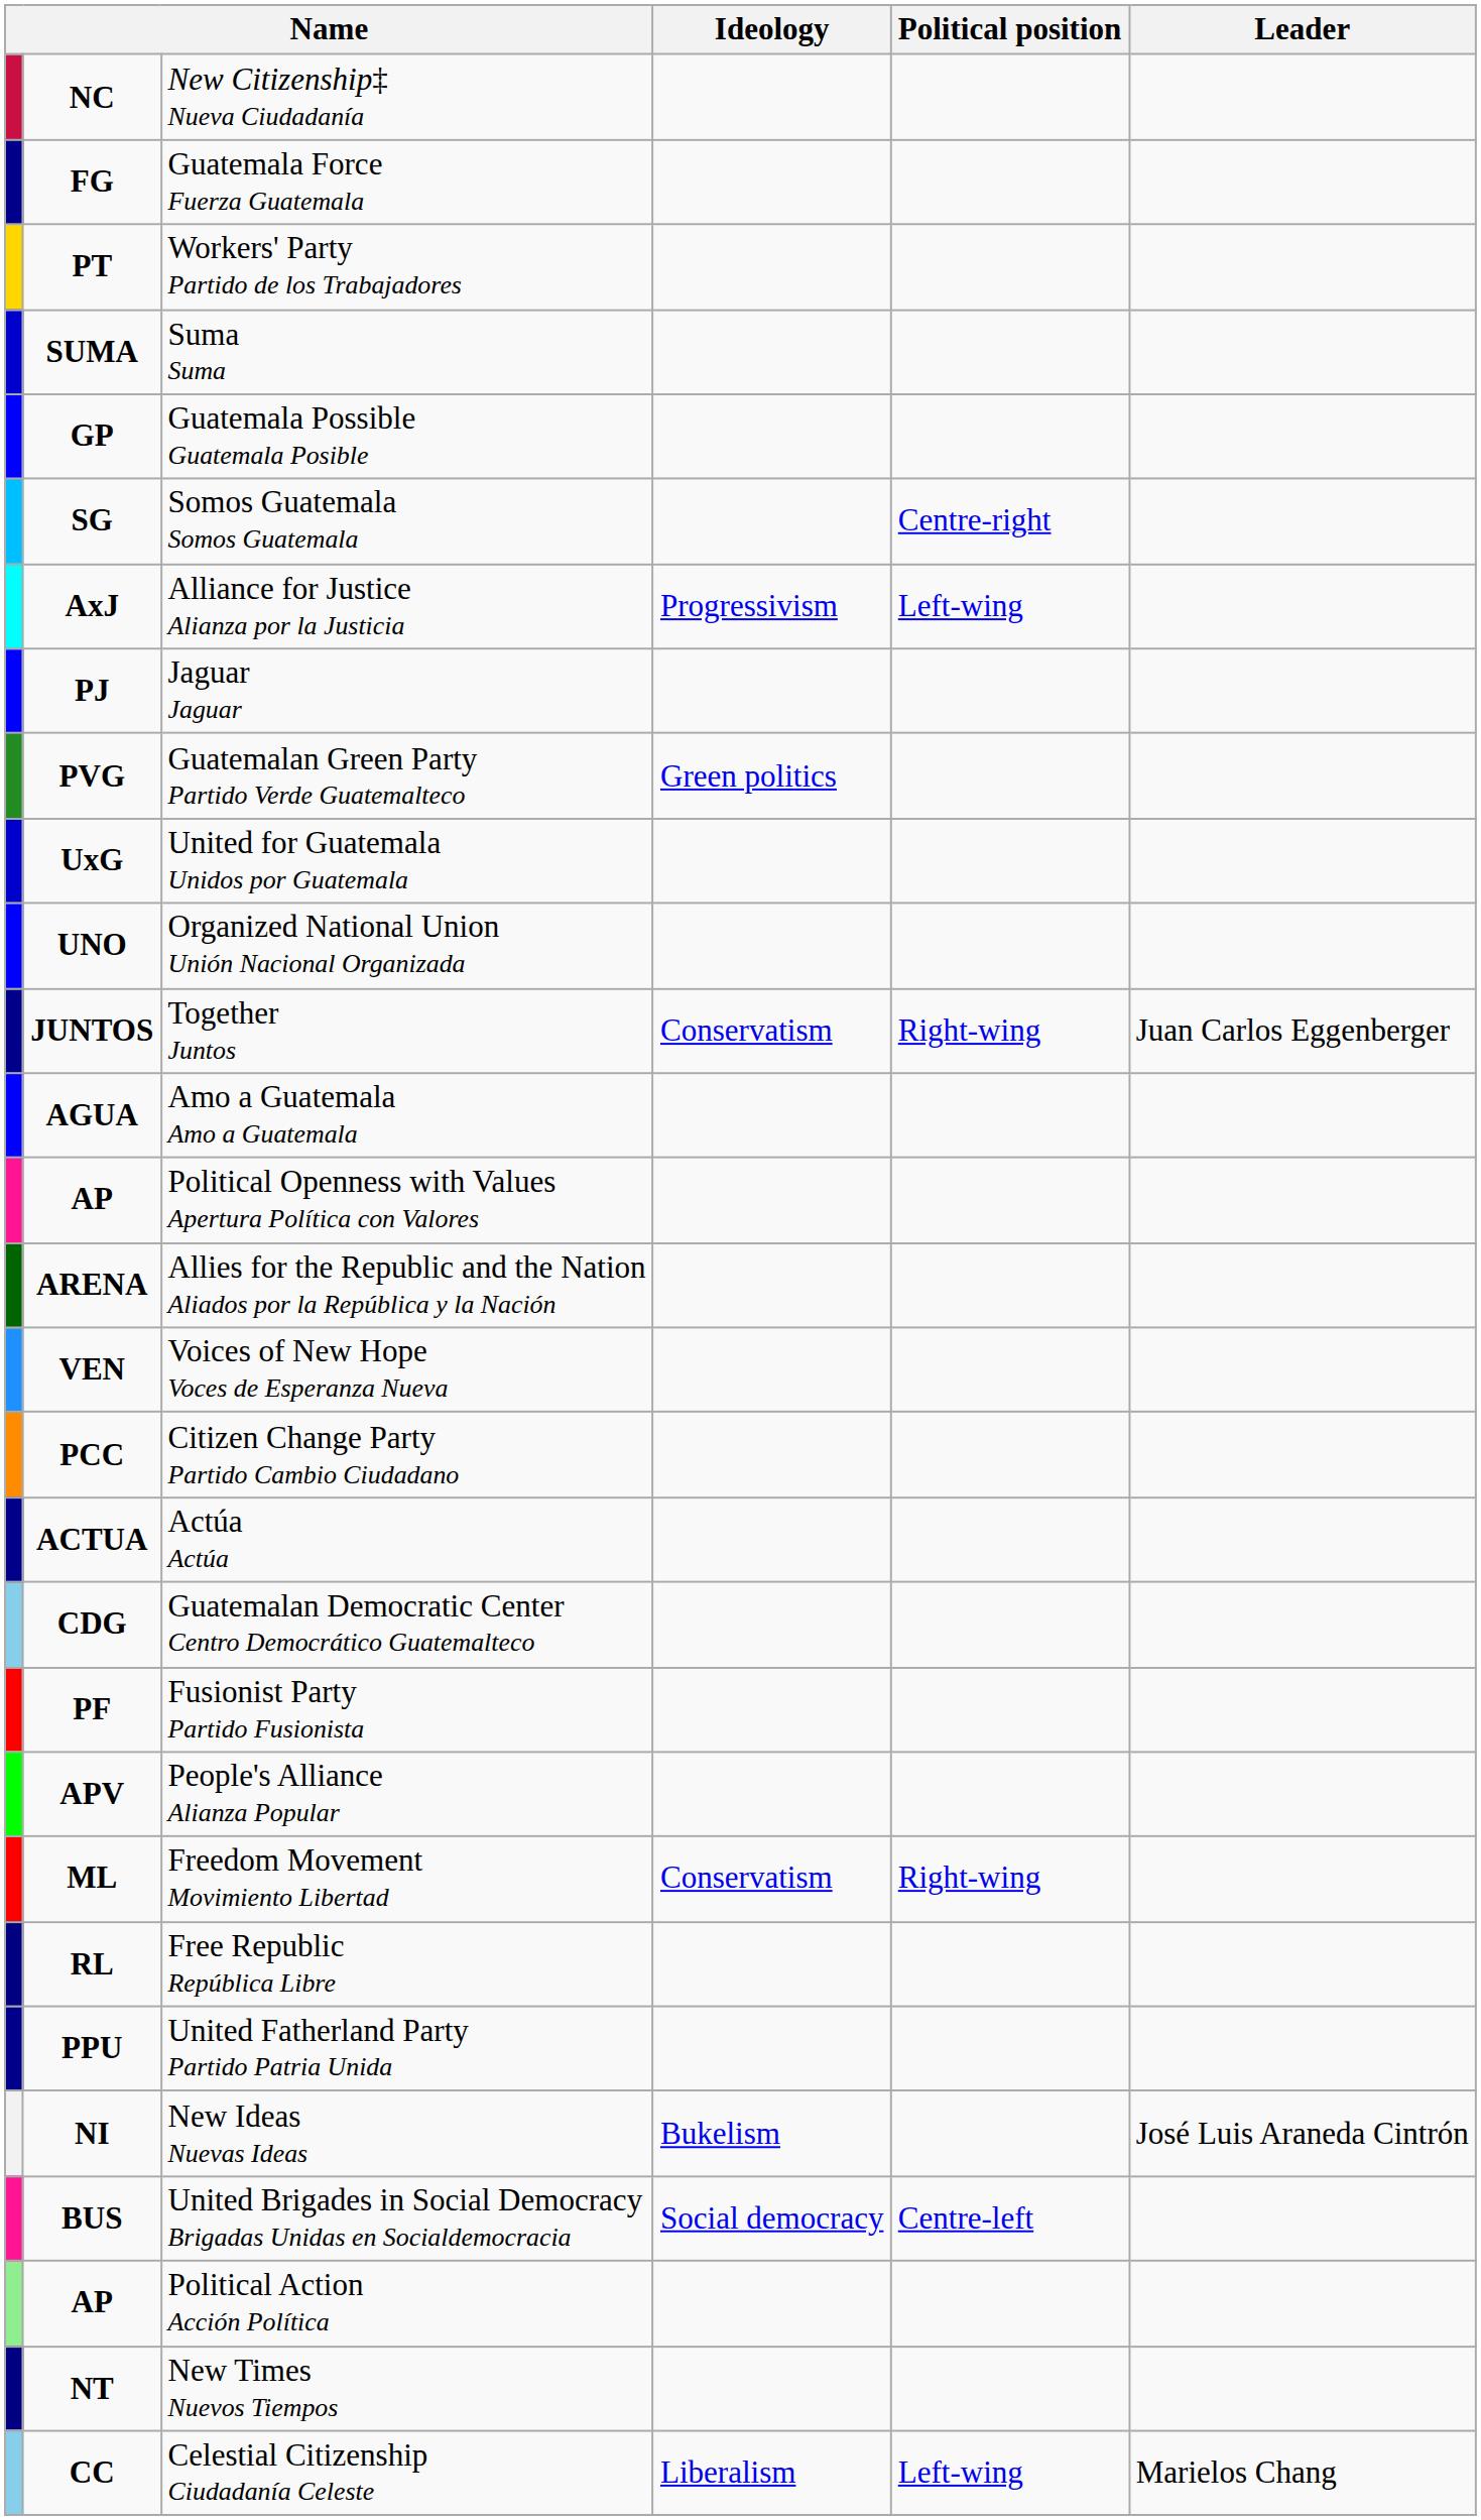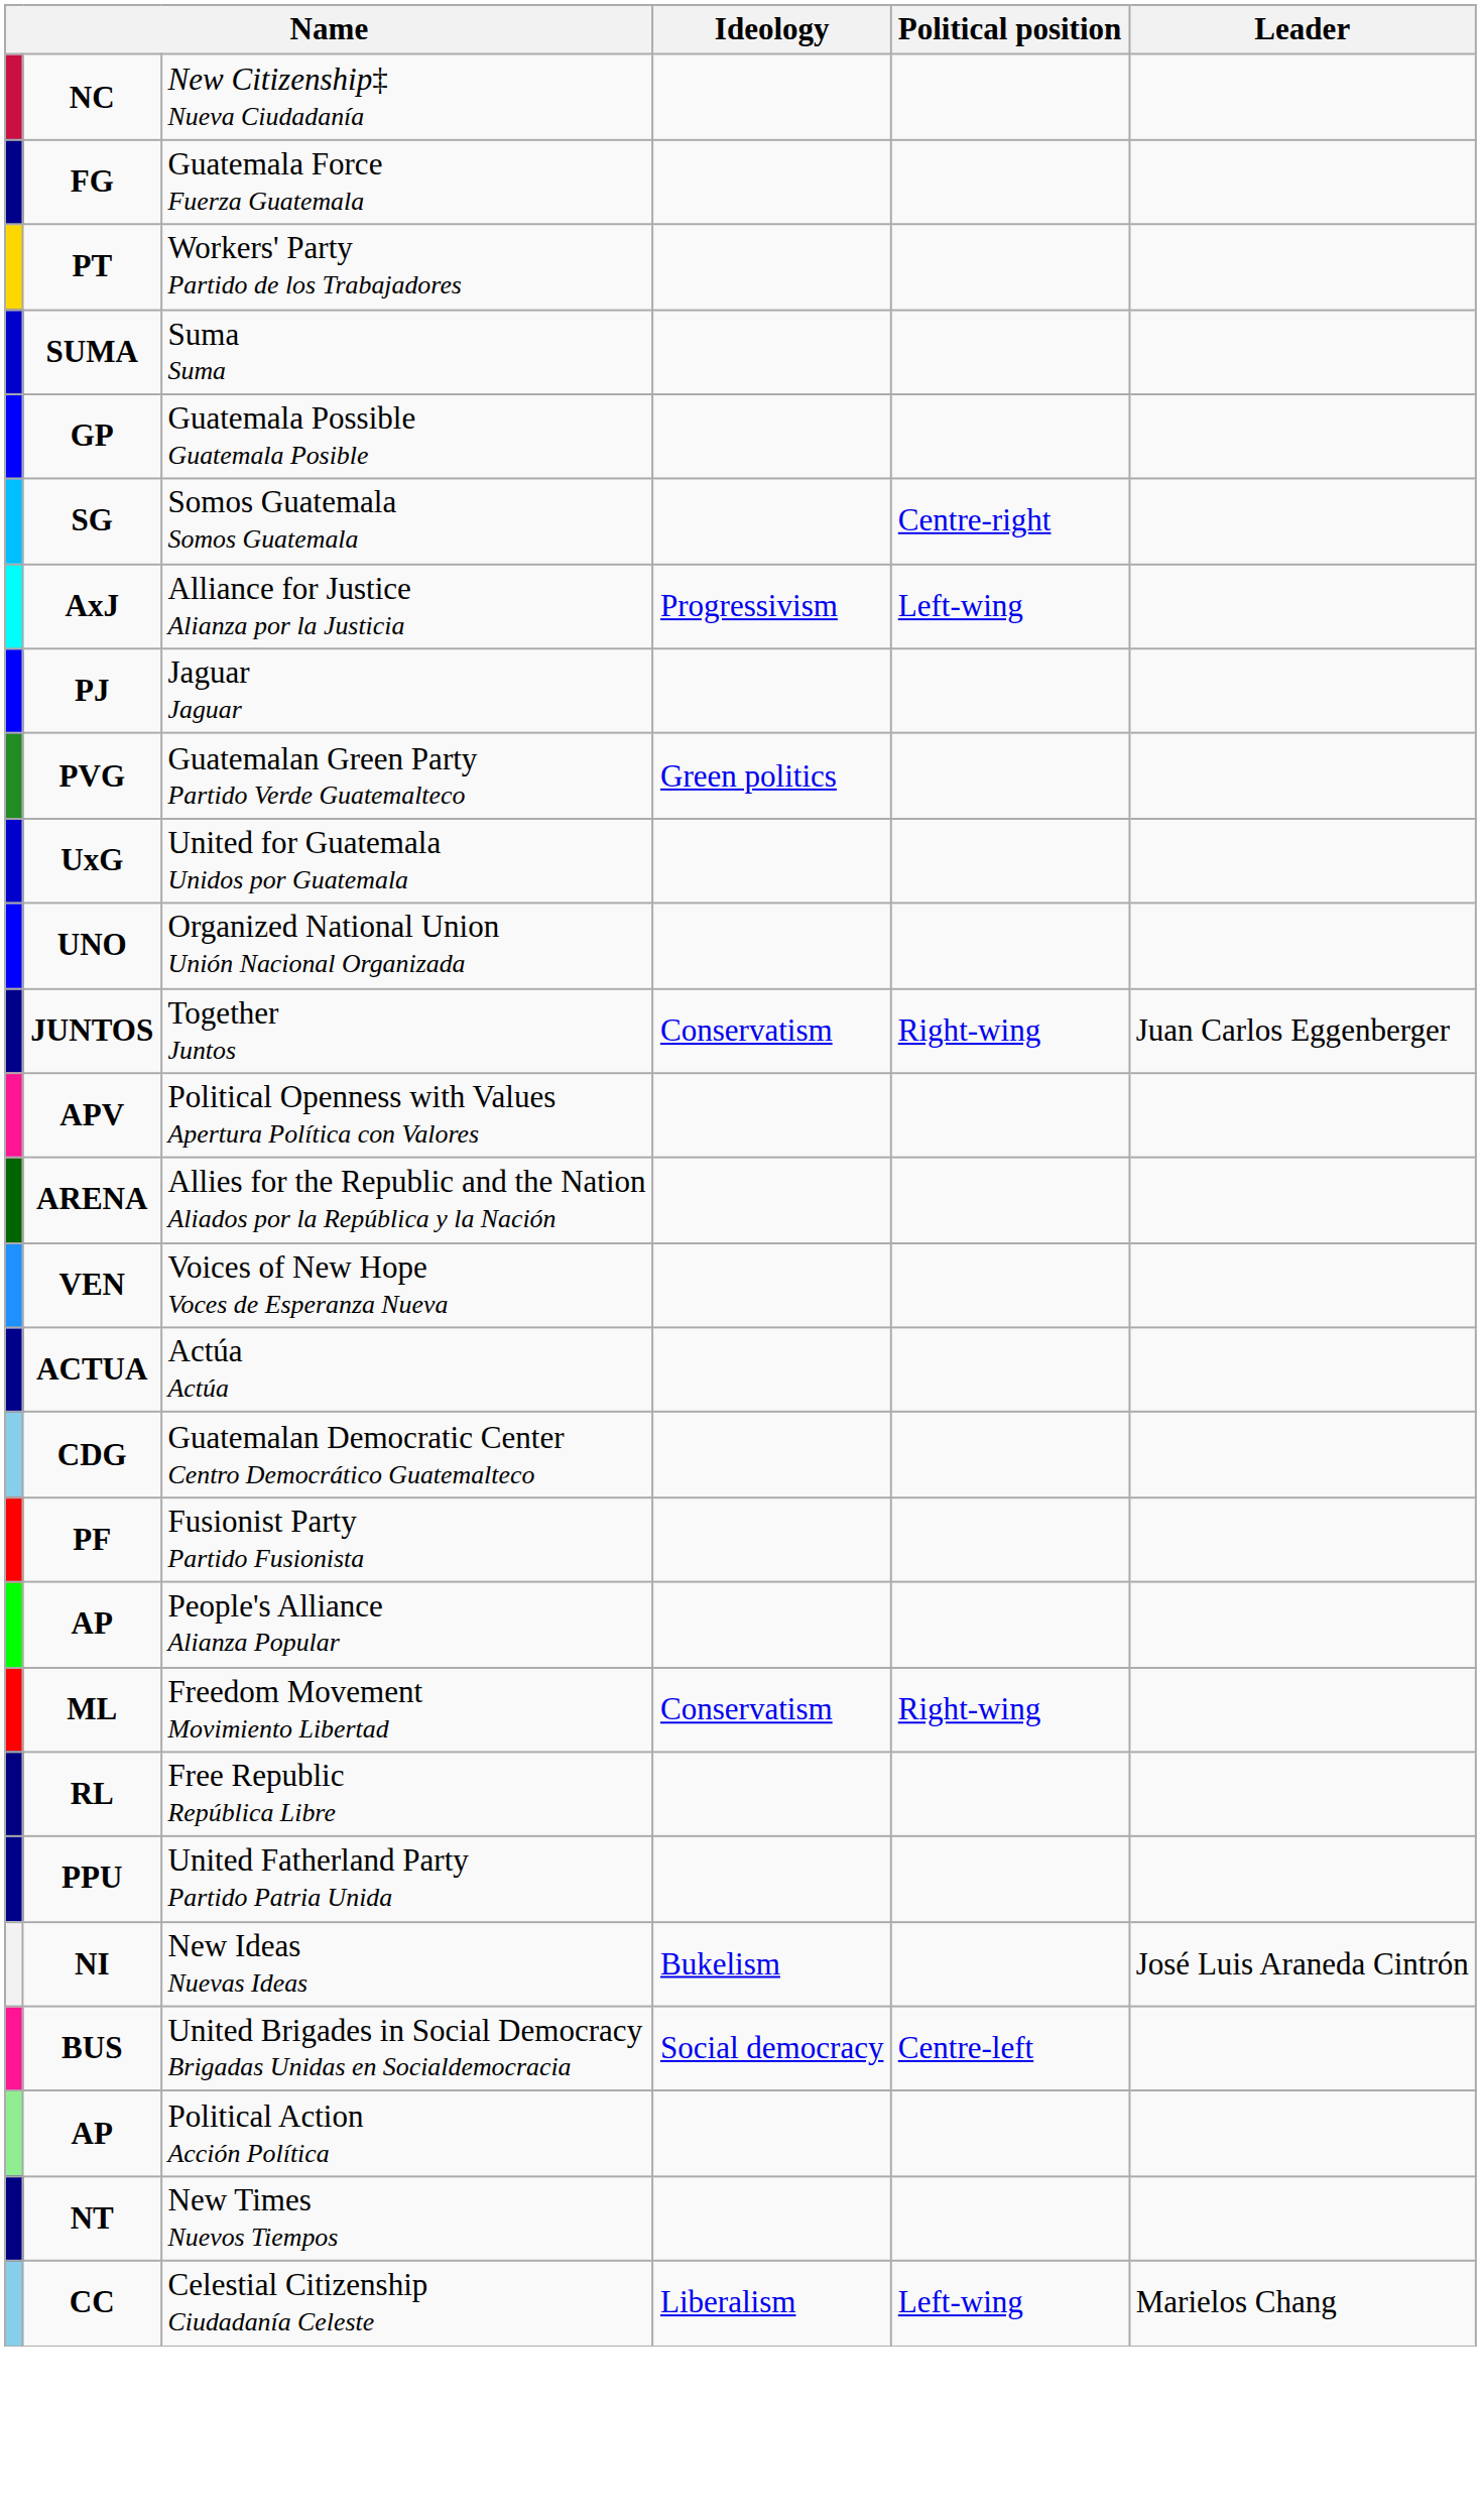 <table class="wikitable">
 <tr>
 <th colspan=3 width=225px>Name</th>
 <th>Ideology</th>
 <th>Political position</th>
 <th>Leader</th>
 </tr>
 <tr>
 <th style="background:#ca0f42; width:2px;"></th>
 <td align=center><strong>NC</strong></td>
 <td><em>New Citizenship</em>‡<br><small><em>Nueva Ciudadanía</em></small></td>
 <td></td>
 <td></td>
 <td></td>
 </tr>
 <tr>
 <th style="background:darkblue; width:2px;"></th>
 <td align=center><strong>FG</strong></td>
 <td>Guatemala Force<br><small><em>Fuerza Guatemala</em></small></td>
 <td></td>
 <td></td>
 <td></td>
 </tr>
 <tr>
 <th style="background:gold; width:2px;"></th>
 <td align=center><strong>PT</strong></td>
 <td>Workers' Party<br><small><em>Partido de los Trabajadores</em></small></td>
 <td></td>
 <td></td>
 <td></td>
 </tr>
 <tr>
 <th style="background:MediumBlue; width:2px;"></th>
 <td align=center><strong>SUMA</strong></td>
 <td>Suma<br><small><em>Suma</em></small></td>
 <td></td>
 <td></td>
 <td></td>
 </tr>
 <tr>
 <th style="background:Blue; width:2px;"></th>
 <td align=center><strong>GP</strong></td>
 <td>Guatemala Possible<br><small><em>Guatemala Posible</em></small></td>
 <td></td>
 <td></td>
 <td></td>
 </tr>
 <tr>
 <th style="background:DeepSkyBlue; width:2px;"></th>
 <td align=center><strong>SG</strong></td>
 <td>Somos Guatemala<br><small><em>Somos Guatemala</em></small></td>
 <td></td>
 <td><a href='#'>Centre-right</a></td>
 <td></td>
 </tr>
 <tr>
 <th style="background:Cyan; width:2px;"></th>
 <td align=center><strong>AxJ</strong></td>
 <td>Alliance for Justice<br><small><em>Alianza por la Justicia</em></small></td>
 <td><a href='#'>Progressivism</a></td>
 <td><a href='#'>Left-wing</a></td>
 <td></td>
 </tr>
 <tr>
 <th style="background:Blue; width:2px;"></th>
 <td align=center><strong>PJ</strong></td>
 <td>Jaguar<br><small><em>Jaguar</em></small></td>
 <td></td>
 <td></td>
 <td></td>
 </tr>
 <tr>
 <th style="background:ForestGreen; width:2px;"></th>
 <td align=center><strong>PVG</strong></td>
 <td>Guatemalan Green Party<br><small><em>Partido Verde Guatemalteco</em></small></td>
 <td><a href='#'>Green politics</a></td>
 <td></td>
 <td></td>
 </tr>
 <tr>
 <th style="background:MediumBlue; width:2px;"></th>
 <td align=center><strong>UxG</strong></td>
 <td>United for Guatemala<br><small><em>Unidos por Guatemala</em></small></td>
 <td></td>
 <td></td>
 <td></td>
 </tr>
 <tr>
 <th style="background:Blue; width:2px;"></th>
 <td align=center><strong>UNO</strong></td>
 <td>Organized National Union<br><small><em>Unión Nacional Organizada</em></small></td>
 <td></td>
 <td></td>
 <td></td>
 </tr>
 <tr>
 <th style="background:DarkBlue; width:2px;"></th>
 <td align=center><strong>JUNTOS</strong></td>
 <td>Together<br><small><em>Juntos</em></small></td>
 <td><a href='#'>Conservatism</a></td>
 <td><a href='#'>Right-wing</a></td>
 <td>Juan Carlos Eggenberger</td>
 </tr>
 <tr>
-<th style="background:Blue; width:2px;"></th>
-<td align=center><strong>AGUA</strong></td>
-<td>Amo a Guatemala<br><small><em>Amo a Guatemala</em></small></td>
-<td></td>
-<td></td>
-<td></td>
-</tr>
-<tr>
 <th style="background:DeepPink; width:2px;"></th>
-<td align=center><strong>AP</strong></td>
+<td align=center><strong>APV</strong></td>
 <td>Political Openness with Values<br><small><em>Apertura Política con Valores</em></small></td>
 <td></td>
 <td></td>
 <td></td>
 </tr>
 <tr>
 <th style="background:DarkGreen; width:2px;"></th>
 <td align=center><strong>ARENA</strong></td>
 <td>Allies for the Republic and the Nation<br><small><em>Aliados por la República y la Nación</em></small></td>
 <td></td>
 <td></td>
 <td></td>
 </tr>
 <tr>
 <th style="background:DodgerBlue; width:2px;"></th>
 <td align=center><strong>VEN</strong></td>
 <td>Voices of New Hope<br><small><em>Voces de Esperanza Nueva</em></small></td>
-<td></td>
-<td></td>
-<td></td>
-</tr>
-<tr>
-<th style="background:DarkOrange; width:2px;"></th>
-<td align=center><strong>PCC</strong></td>
-<td>Citizen Change Party<br><small><em>Partido Cambio Ciudadano</em></small></td>
 <td></td>
 <td></td>
 <td></td>
 </tr>
 <tr>
 <th style="background:DarkBlue; width:2px;"></th>
 <td align=center><strong>ACTUA</strong></td>
 <td>Actúa<br><small><em>Actúa</em></small></td>
 <td></td>
 <td></td>
 <td></td>
 </tr>
 <tr>
 <th style="background:SkyBlue; width:2px;"></th>
 <td align=center><strong>CDG</strong></td>
 <td>Guatemalan Democratic Center<br><small><em>Centro Democrático Guatemalteco</em></small></td>
 <td></td>
 <td></td>
 <td></td>
 </tr>
 <tr>
 <th style="background:red; width:2px;"></th>
 <td align=center><strong>PF</strong></td>
 <td>Fusionist Party<br><small><em>Partido Fusionista</em></small></td>
 <td></td>
 <td></td>
 <td></td>
 </tr>
 <tr>
 <th style="background:lime; width:2px;"></th>
-<td align=center><strong>APV</strong></td>
+<td align=center><strong>AP</strong></td>
 <td>People's Alliance<br><small><em>Alianza Popular</em></small></td>
 <td></td>
 <td></td>
 <td></td>
 </tr>
 <tr>
 <th style="background:red; width:2px;"></th>
 <td align=center><strong>ML</strong></td>
 <td>Freedom Movement<br><small><em>Movimiento Libertad</em></small></td>
 <td><a href='#'>Conservatism</a></td>
 <td><a href='#'>Right-wing</a></td>
 <td></td>
 </tr>
 <tr>
 <th style="background:navy; width:2px;"></th>
 <td align=center><strong>RL</strong></td>
 <td>Free Republic<br><small><em>República Libre</em></small></td>
 <td></td>
 <td></td>
 <td></td>
 </tr>
 <tr>
 <th style="background:darkblue; width:2px;"></th>
 <td align=center><strong>PPU</strong></td>
 <td>United Fatherland Party<br><small><em>Partido Patria Unida</em></small></td>
 <td></td>
 <td></td>
 <td></td>
 </tr>
 <tr>
 <th style="background:"></th>
 <td align=center><strong>NI</strong></td>
 <td>New Ideas<br><small><em>Nuevas Ideas</em></small></td>
 <td><a href='#'>Bukelism</a></td>
 <td></td>
 <td>José Luis Araneda Cintrón</td>
 </tr>
 <tr>
 <th style="background:deeppink; width:2px;"></th>
 <td align=center><strong>BUS</strong></td>
 <td>United Brigades in Social Democracy<br><small><em>Brigadas Unidas en Socialdemocracia</em></small></td>
 <td><a href='#'>Social democracy</a></td>
 <td><a href='#'>Centre-left</a></td>
 <td></td>
 </tr>
 <tr>
 <th style="background:lightgreen; width:2px;"></th>
 <td align=center><strong>AP</strong></td>
 <td>Political Action<br><small><em>Acción Política</em></small></td>
 <td></td>
 <td></td>
 <td></td>
 </tr>
 <tr>
 <th style="background:navy; width:2px;"></th>
 <td align=center><strong>NT</strong></td>
 <td>New Times<br><small><em>Nuevos Tiempos</em></small></td>
 <td></td>
 <td></td>
 <td></td>
 </tr>
 <tr>
 <th style="background:skyblue; width:2px;"></th>
 <td align=center><strong>CC</strong></td>
 <td>Celestial Citizenship<br><small><em>Ciudadanía Celeste</em></small></td>
 <td><a href='#'>Liberalism</a></td>
 <td><a href='#'>Left-wing</a></td>
 <td>Marielos Chang</td>
 </tr>
 <tr>
 </tr>
 </table>
